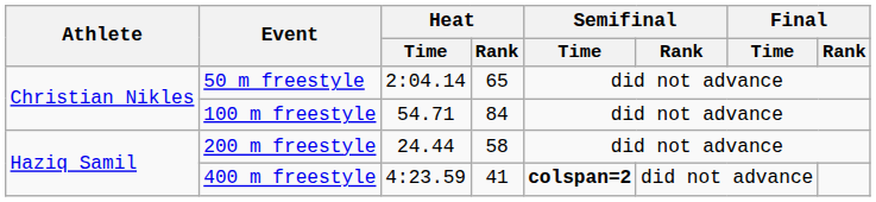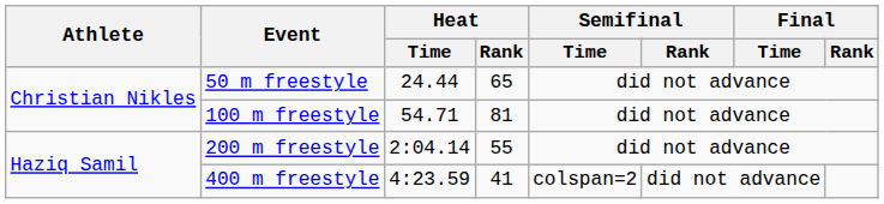 <table class="wikitable" style="text-align:center; font-size:90%">
 <tr>
 <th rowspan="2">Athlete</th>
 <th rowspan="2">Event</th>
 <th colspan="2">Heat</th>
 <th colspan="2">Semifinal</th>
 <th colspan="2">Final</th>
 </tr>
 <tr style="font-size:95%">
 <th>Time</th>
 <th>Rank</th>
 <th>Time</th>
 <th>Rank</th>
 <th>Time</th>
 <th>Rank</th>
 </tr>
 <tr>
 <td align=left rowspan=2><a href='#'>Christian Nikles</a></td>
 <td align=left><a href='#'>50 m freestyle</a></td>
-<td>2:04.14</td>
+<td>24.44</td>
 <td>65</td>
 <td colspan=4>did not advance</td>
 </tr>
 <tr>
 <td align=left><a href='#'>100 m freestyle</a></td>
 <td>54.71</td>
-<td>84</td>
+<td>81</td>
 <td colspan=4>did not advance</td>
 </tr>
 <tr>
 <td align=left rowspan=2><a href='#'>Haziq Samil</a></td>
 <td align=left><a href='#'>200 m freestyle</a></td>
-<td>24.44</td>
-<td>58</td>
+<td>2:04.14</td>
+<td>55</td>
 <td colspan=4>did not advance</td>
 </tr>
 <tr>
 <td align=left><a href='#'>400 m freestyle</a></td>
 <td>4:23.59</td>
 <td>41</td>
-<td><strong>colspan=2 </strong></td>
+<td>colspan=2 </td>
 <td colspan=2>did not advance</td>
 </tr>
 </table>
